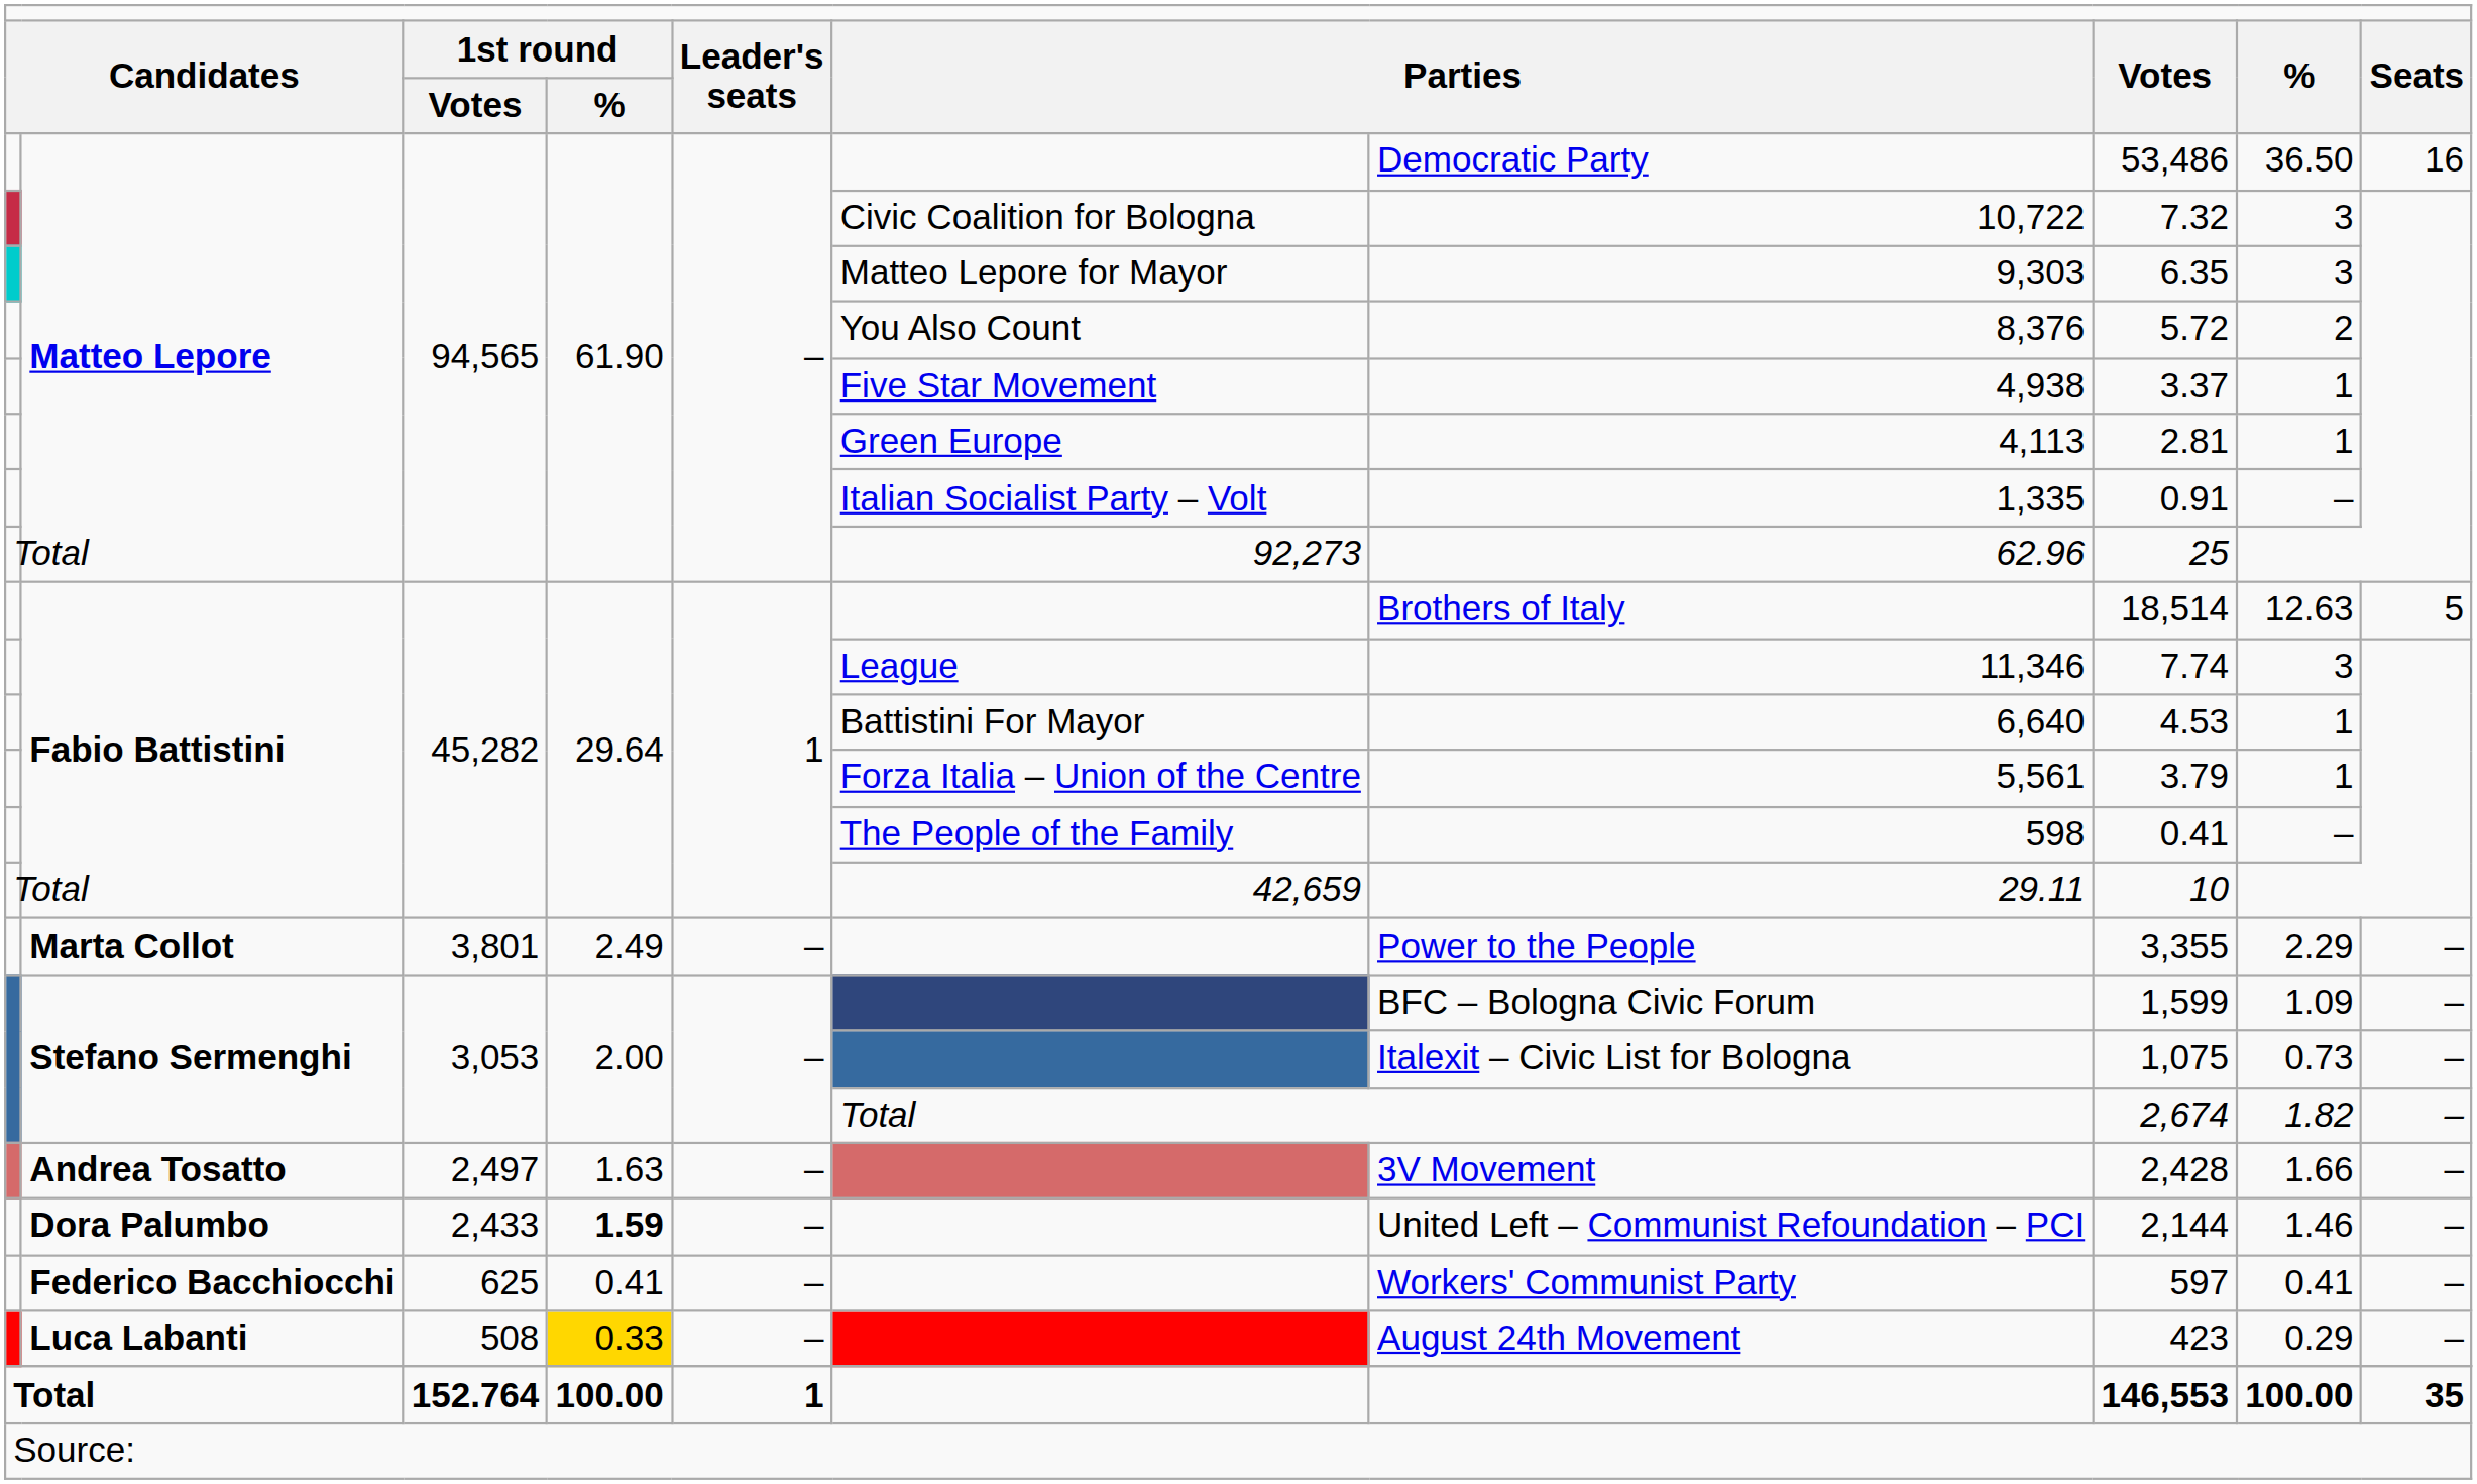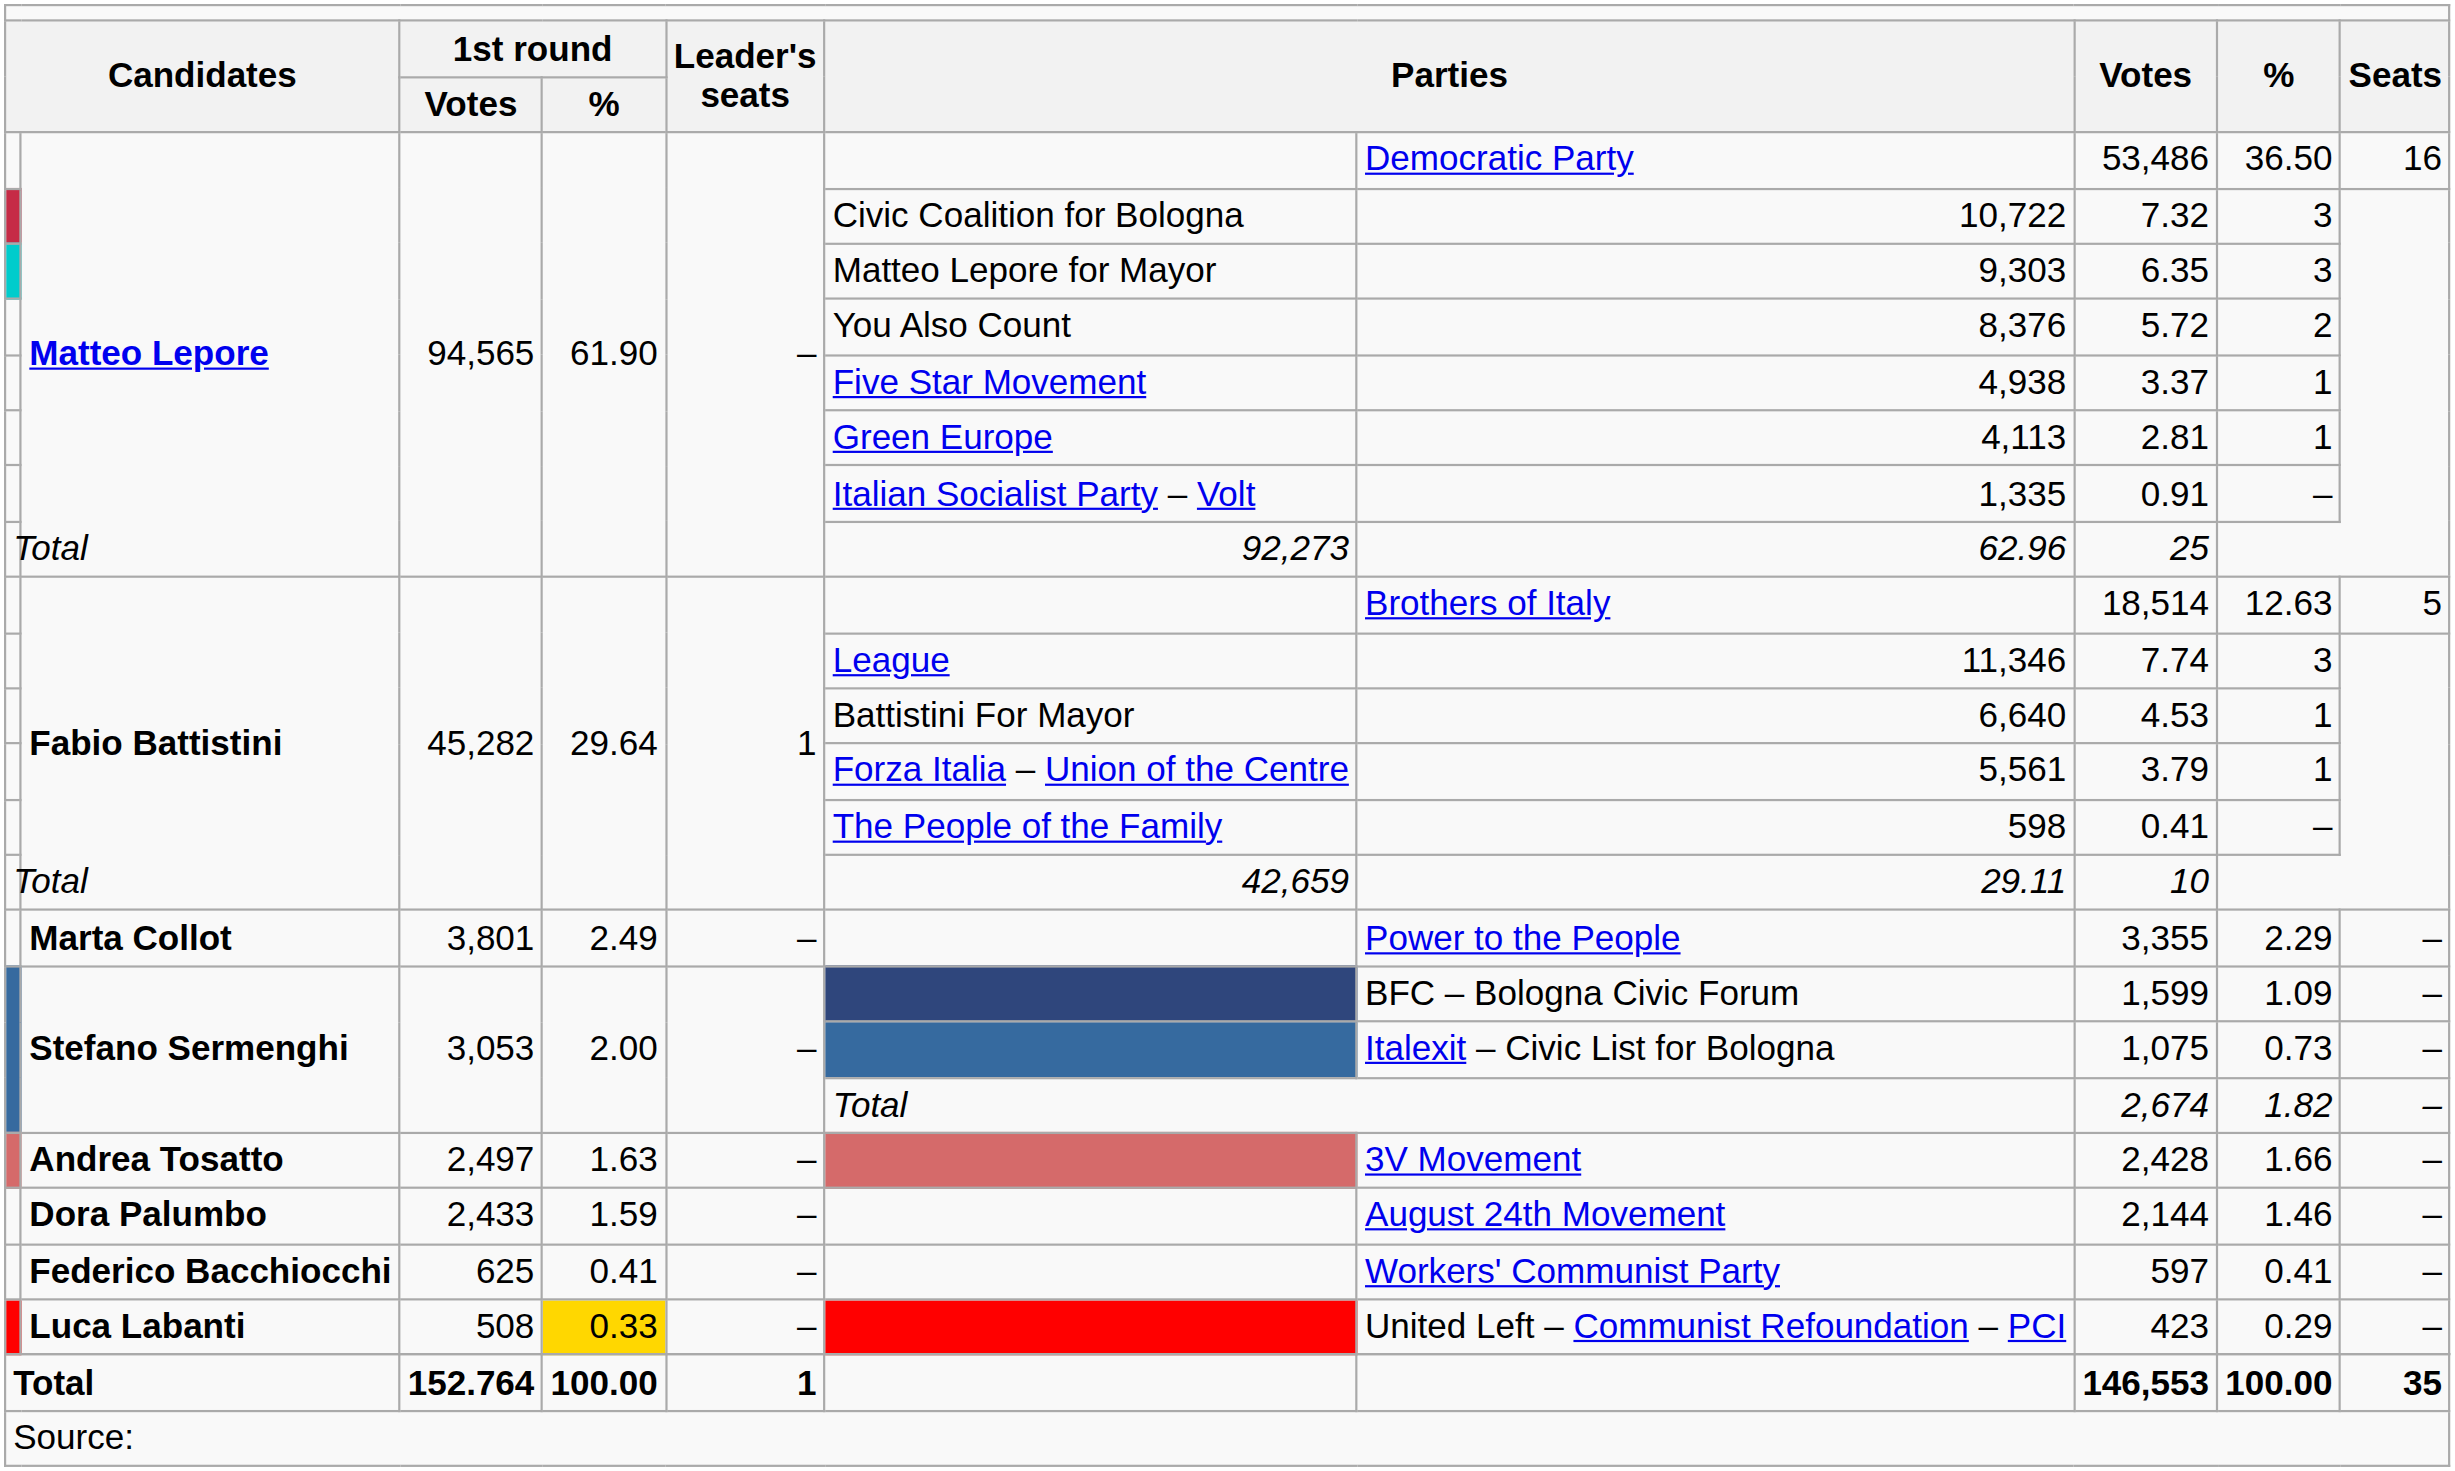 <table class="wikitable" style="text-align:left">
 <tr>
 <td colspan="10"></td>
 </tr>
 <tr>
 <th rowspan=2 colspan="2">Candidates</th>
 <th colspan=2>1st round</th>
 <th rowspan=2>Leader's<br> seats</th>
 <th rowspan=2 colspan="2">Parties</th>
 <th rowspan=2>Votes</th>
 <th rowspan=2>%</th>
 <th rowspan=2>Seats</th>
 </tr>
 <tr>
 <th>Votes</th>
 <th>%</th>
 </tr>
 <tr>
 <td></td>
 <td rowspan=8><strong><a href='#'>Matteo Lepore</a></strong></td>
 <td rowspan=8 align=right>94,565</td>
 <td rowspan=8 align=right>61.90</td>
 <td rowspan=8 align=right>–</td>
 <td></td>
 <td><a href='#'>Democratic Party</a></td>
 <td align=right>53,486</td>
 <td align=right>36.50</td>
 <td align=right>16</td>
 </tr>
 <tr>
 <td bgcolor="#C62B46"></td>
 <td>Civic Coalition for Bologna</td>
 <td align=right>10,722</td>
 <td align=right>7.32</td>
 <td align=right>3</td>
 </tr>
 <tr>
 <td bgcolor="#00CCCC"></td>
 <td>Matteo Lepore for Mayor</td>
 <td align=right>9,303</td>
 <td align=right>6.35</td>
 <td align=right>3</td>
 </tr>
 <tr>
 <td></td>
 <td>You Also Count</td>
 <td align=right>8,376</td>
 <td align=right>5.72</td>
 <td align=right>2</td>
 </tr>
 <tr>
 <td></td>
 <td><a href='#'>Five Star Movement</a></td>
 <td align=right>4,938</td>
 <td align=right>3.37</td>
 <td align=right>1</td>
 </tr>
 <tr>
 <td></td>
 <td><a href='#'>Green Europe</a></td>
 <td align=right>4,113</td>
 <td align=right>2.81</td>
 <td align=right>1</td>
 </tr>
 <tr>
 <td></td>
 <td><a href='#'>Italian Socialist Party</a> – <a href='#'>Volt</a></td>
 <td align=right>1,335</td>
 <td align=right>0.91</td>
 <td align=right>–</td>
 </tr>
 <tr>
 <td colspan=2><em>Total</em></td>
 <td align=right><em>92,273</em></td>
 <td align=right><em>62.96</em></td>
 <td align=right><em>25</em></td>
 </tr>
 <tr>
 <td></td>
 <td rowspan=6><strong>Fabio Battistini</strong></td>
 <td rowspan=6 align=right>45,282</td>
 <td rowspan=6 align=right>29.64</td>
 <td rowspan=6 align=right>1</td>
 <td></td>
 <td><a href='#'>Brothers of Italy</a></td>
 <td align=right>18,514</td>
 <td align=right>12.63</td>
 <td align=right>5</td>
 </tr>
 <tr>
 <td></td>
 <td><a href='#'>League</a></td>
 <td align=right>11,346</td>
 <td align=right>7.74</td>
 <td align=right>3</td>
 </tr>
 <tr>
 <td></td>
 <td>Battistini For Mayor</td>
 <td align=right>6,640</td>
 <td align=right>4.53</td>
 <td align=right>1</td>
 </tr>
 <tr>
 <td></td>
 <td><a href='#'>Forza Italia</a> – <a href='#'>Union of the Centre</a></td>
 <td align=right>5,561</td>
 <td align=right>3.79</td>
 <td align=right>1</td>
 </tr>
 <tr>
 <td></td>
 <td><a href='#'>The People of the Family</a></td>
 <td align=right>598</td>
 <td align=right>0.41</td>
 <td align=right>–</td>
 </tr>
 <tr>
 <td colspan=2><em>Total</em></td>
 <td align=right><em>42,659</em></td>
 <td align=right><em>29.11</em></td>
 <td align=right><em>10</em></td>
 </tr>
 <tr>
 <td></td>
 <td><strong>Marta Collot</strong></td>
 <td align=right>3,801</td>
 <td align=right>2.49</td>
 <td align=right>–</td>
 <td></td>
 <td><a href='#'>Power to the People</a></td>
 <td align=right>3,355</td>
 <td align=right>2.29</td>
 <td align=right>–</td>
 </tr>
 <tr>
 <td bgcolor="#366A9F" rowspan=3></td>
 <td rowspan=3><strong>Stefano Sermenghi</strong></td>
 <td rowspan=3 align=right>3,053</td>
 <td rowspan=3 align=right>2.00</td>
 <td rowspan=3 align=right>–</td>
 <td style="background-color:#2f467c"></td>
 <td>BFC – Bologna Civic Forum</td>
 <td align=right>1,599</td>
 <td align=right>1.09</td>
 <td align=right>–</td>
 </tr>
 <tr>
 <td style="background-color:#366A9F"></td>
 <td><a href='#'>Italexit</a> – Civic List for Bologna</td>
 <td align=right>1,075</td>
 <td align=right>0.73</td>
 <td align=right>–</td>
 </tr>
 <tr>
 <td colspan=2><em>Total</em></td>
 <td align=right><em>2,674</em></td>
 <td align=right><em>1.82</em></td>
 <td align=right><em>–</em></td>
 </tr>
 <tr>
 <td bgcolor="#D56A6A"></td>
 <td><strong>Andrea Tosatto</strong></td>
 <td align=right>2,497</td>
 <td align=right>1.63</td>
 <td align=right>–</td>
 <td bgcolor="#D56A6A"></td>
 <td><a href='#'>3V Movement</a></td>
 <td align=right>2,428</td>
 <td align=right>1.66</td>
 <td align=right>–</td>
 </tr>
 <tr>
 <td></td>
 <td><strong>Dora Palumbo</strong></td>
 <td align=right>2,433</td>
-<td align=right><strong>1.59</strong></td>
+<td align=right>1.59</td>
 <td align=right>–</td>
 <td></td>
-<td>United Left – <a href='#'>Communist Refoundation</a> – <a href='#'>PCI</a></td>
+<td><a href='#'>August 24th Movement</a></td>
 <td align=right>2,144</td>
 <td align=right>1.46</td>
 <td align=right>–</td>
 </tr>
 <tr>
 <td></td>
 <td><strong>Federico Bacchiocchi</strong></td>
 <td align=right>625</td>
 <td align=right>0.41</td>
 <td align=right>–</td>
 <td></td>
 <td><a href='#'>Workers' Communist Party</a></td>
 <td align=right>597</td>
 <td align=right>0.41</td>
 <td align=right>–</td>
 </tr>
 <tr>
 <td bgcolor="red"></td>
 <td><strong>Luca Labanti</strong></td>
 <td align=right>508</td>
 <td align=right style="background: gold;">0.33</td>
 <td align=right>–</td>
 <td bgcolor="red"></td>
-<td><a href='#'>August 24th Movement</a></td>
+<td>United Left – <a href='#'>Communist Refoundation</a> – <a href='#'>PCI</a></td>
 <td align=right>423</td>
 <td align=right>0.29</td>
 <td align=right>–</td>
 </tr>
 <tr>
 </tr>
 <tr>
 <td colspan="2"><strong>Total</strong></td>
 <td align=right><strong>152.764</strong></td>
 <td align=right><strong>100.00</strong></td>
 <td align=right><strong>1</strong></td>
 <td align=right></td>
 <td align=right></td>
 <td align=right><strong>146,553</strong></td>
 <td align=right><strong>100.00</strong></td>
 <td align=right><strong>35</strong></td>
 </tr>
 <tr>
 <td style="text-align:left;" colspan="11">Source:  </td>
 </tr>
 </table>
